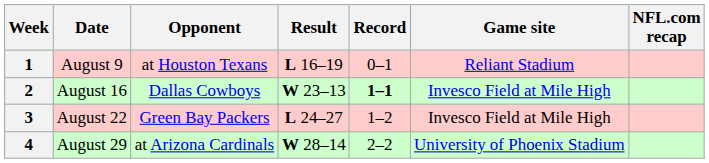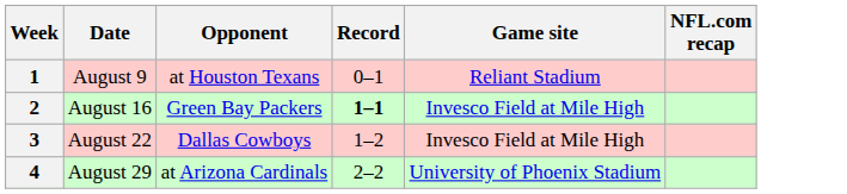 <table class="wikitable" style="text-align:center;">
 <tr>
 <th>Week</th>
 <th>Date</th>
 <th>Opponent</th>
-<th>Result</th>
 <th>Record</th>
 <th>Game site</th>
 <th>NFL.com<br>recap</th>
 </tr>
 <tr style="background:#fcc">
 <th>1</th>
 <td>August 9</td>
 <td>at <a href='#'>Houston Texans</a></td>
-<td><strong>L</strong> 16–19</td>
 <td>0–1</td>
 <td><a href='#'>Reliant Stadium</a></td>
 <td></td>
 </tr>
 <tr style="background:#cfc">
 <th>2</th>
 <td>August 16</td>
-<td><a href='#'>Dallas Cowboys</a></td>
-<td><strong>W</strong> 23–13</td>
+<td><a href='#'>Green Bay Packers</a></td>
 <td><strong>1–1</strong></td>
 <td><a href='#'>Invesco Field at Mile High</a></td>
 <td></td>
 </tr>
 <tr style="background:#fcc">
 <th>3</th>
 <td>August 22</td>
-<td><a href='#'>Green Bay Packers</a></td>
-<td><strong>L</strong> 24–27</td>
+<td><a href='#'>Dallas Cowboys</a></td>
 <td>1–2</td>
 <td>Invesco Field at Mile High</td>
 <td></td>
 </tr>
 <tr style="background:#cfc">
 <th>4</th>
 <td>August 29</td>
 <td>at <a href='#'>Arizona Cardinals</a></td>
-<td><strong>W</strong> 28–14</td>
 <td>2–2</td>
 <td><a href='#'>University of Phoenix Stadium</a></td>
 <td></td>
 </tr>
 </table>
